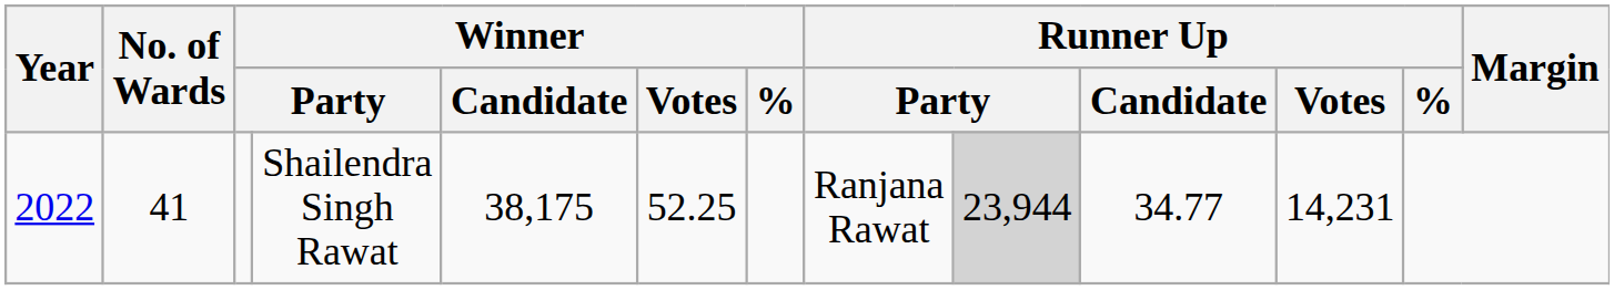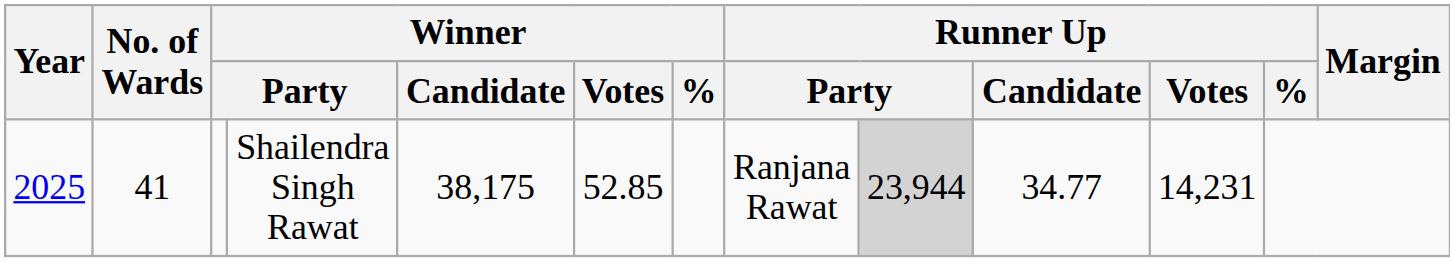 <table class="wikitable sortable" style="text-align:center;">
 <tr>
 <th rowspan="2">Year</th>
 <th rowspan="2">No. of Wards</th>
 <th colspan="5">Winner</th>
 <th colspan="5">Runner Up</th>
 <th rowspan="2">Margin</th>
 </tr>
 <tr>
 <th colspan="2">Party</th>
 <th>Candidate</th>
 <th>Votes</th>
 <th>%</th>
 <th colspan="2">Party</th>
 <th>Candidate</th>
 <th>Votes</th>
 <th>%</th>
 </tr>
 <tr>
-<td><a href='#'>2022</a></td>
+<td><a href='#'>2025</a></td>
 <td>41</td>
 <td></td>
 <td>Shailendra Singh Rawat</td>
 <td>38,175</td>
-<td>52.25</td>
+<td>52.85</td>
 <td></td>
 <td>Ranjana Rawat</td>
 <td style="background: lightgrey;">23,944</td>
 <td>34.77</td>
 <td style="background:">14,231</td>
 </tr>
 </table>
